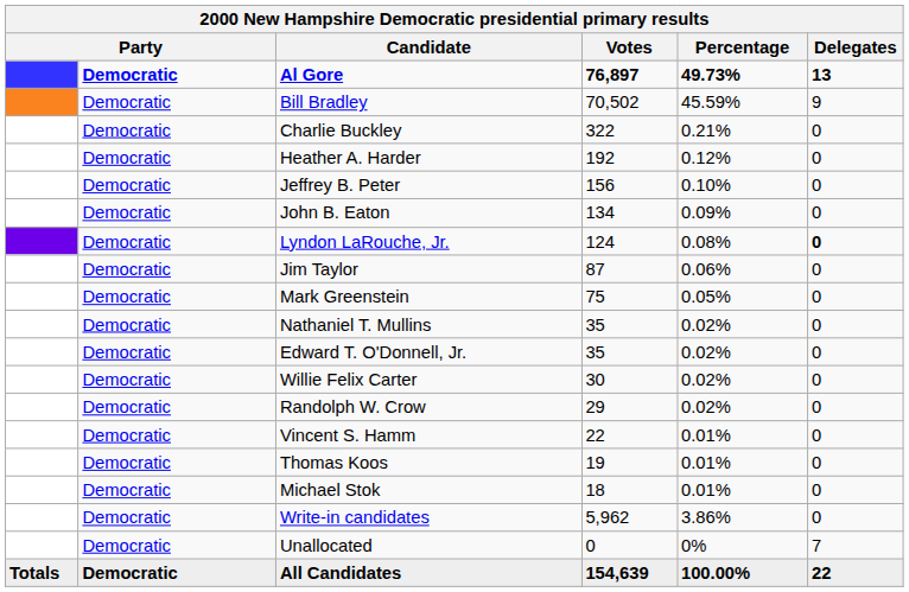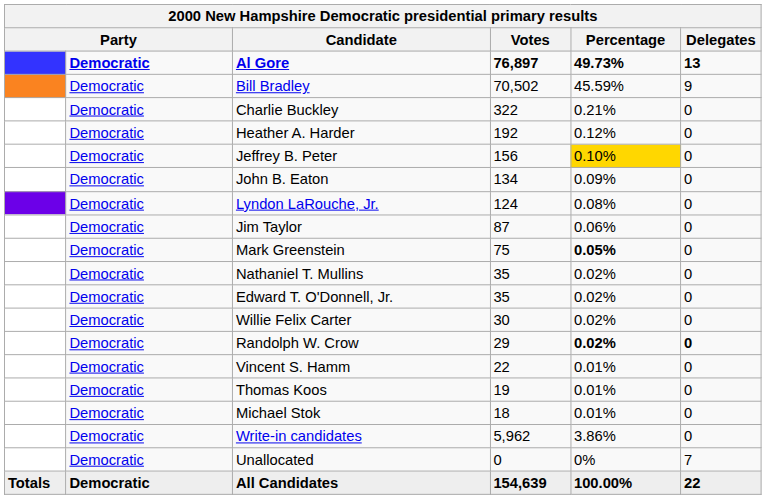 <table class="wikitable" style="font-size:95%;">
 <tr>
 <th colspan="7">2000 New Hampshire Democratic presidential primary results</th>
 </tr>
 <tr>
 <th colspan="2" style="width: 15em">Party</th>
 <th style="width: 17em">Candidate</th>
 <th style="width: 5em">Votes</th>
 <th style="width: 7em">Percentage</th>
 <th style="width: 5em">Delegates</th>
 </tr>
 <tr>
 <th style="background-color:#3333FF; width: 3px"></th>
 <td style="width: 130px"><strong><a href='#'>Democratic</a></strong></td>
 <td align="left"><strong><a href='#'>Al Gore</a></strong></td>
 <td><strong>76,897</strong></td>
 <td><strong>49.73%</strong></td>
 <td><strong>13</strong></td>
 </tr>
 <tr>
 <th style="background-color:#FA8320; width: 3px"></th>
 <td style="width: 130px"><a href='#'>Democratic</a></td>
 <td><a href='#'>Bill Bradley</a></td>
 <td align="left">70,502</td>
 <td align="left">45.59%</td>
 <td align="left">9</td>
 </tr>
 <tr>
 <th style="background-color:#ffffff; width: 3px"></th>
 <td style="width: 130px"><a href='#'>Democratic</a></td>
 <td align="left">Charlie Buckley</td>
 <td>322</td>
 <td>0.21%</td>
 <td>0</td>
 </tr>
 <tr>
 <th style="background-color:#ffffff; width: 3px"></th>
 <td style="width: 130px"><a href='#'>Democratic</a></td>
 <td align="left">Heather A. Harder</td>
 <td>192</td>
 <td>0.12%</td>
 <td>0</td>
 </tr>
 <tr>
 <th style="background-color:#ffffff; width: 3px"></th>
 <td style="width: 130px"><a href='#'>Democratic</a></td>
 <td align="left">Jeffrey B. Peter</td>
 <td>156</td>
-<td>0.10%</td>
+<td style="background: gold;">0.10%</td>
 <td>0</td>
 </tr>
 <tr>
 <th style="background-color:#ffffff; width: 3px"></th>
 <td style="width: 130px"><a href='#'>Democratic</a></td>
 <td align="left">John B. Eaton</td>
 <td>134</td>
 <td>0.09%</td>
 <td>0</td>
 </tr>
 <tr>
 <th style="background-color:#6c00e8; width: 3px"></th>
 <td style="width: 130px"><a href='#'>Democratic</a></td>
 <td align="left"><a href='#'>Lyndon LaRouche, Jr.</a></td>
 <td>124</td>
 <td>0.08%</td>
-<td><strong>0</strong></td>
+<td>0</td>
 </tr>
 <tr>
 <th style="background-color:#ffffff; width: 3px"></th>
 <td style="width: 130px"><a href='#'>Democratic</a></td>
 <td align="left">Jim Taylor</td>
 <td>87</td>
 <td>0.06%</td>
 <td>0</td>
 </tr>
 <tr>
 <th style="background-color:#ffffff; width: 3px"></th>
 <td style="width: 130px"><a href='#'>Democratic</a></td>
 <td align="left">Mark Greenstein</td>
 <td>75</td>
-<td>0.05%</td>
+<td><strong>0.05%</strong></td>
 <td>0</td>
 </tr>
 <tr>
 <th style="background-color:#ffffff; width: 3px"></th>
 <td style="width: 130px"><a href='#'>Democratic</a></td>
 <td align="left">Nathaniel T. Mullins</td>
 <td>35</td>
 <td>0.02%</td>
 <td>0</td>
 </tr>
 <tr>
 <th style="background-color:#ffffff; width: 3px"></th>
 <td style="width: 130px"><a href='#'>Democratic</a></td>
 <td align="left">Edward T. O'Donnell, Jr.</td>
 <td>35</td>
 <td>0.02%</td>
 <td>0</td>
 </tr>
 <tr>
 <th style="background-color:#ffffff; width: 3px"></th>
 <td style="width: 130px"><a href='#'>Democratic</a></td>
 <td align="left">Willie Felix Carter</td>
 <td>30</td>
 <td>0.02%</td>
 <td>0</td>
 </tr>
 <tr>
 <th style="background-color:#ffffff; width: 3px"></th>
 <td style="width: 130px"><a href='#'>Democratic</a></td>
 <td align="left">Randolph W. Crow</td>
 <td>29</td>
-<td>0.02%</td>
-<td>0</td>
+<td><strong>0.02%</strong></td>
+<td><strong>0</strong></td>
 </tr>
 <tr>
 <th style="background-color:#ffffff; width: 3px"></th>
 <td style="width: 130px"><a href='#'>Democratic</a></td>
 <td align="left">Vincent S. Hamm</td>
 <td>22</td>
 <td>0.01%</td>
 <td>0</td>
 </tr>
 <tr>
 <th style="background-color:#ffffff; width: 3px"></th>
 <td style="width: 130px"><a href='#'>Democratic</a></td>
 <td align="left">Thomas Koos</td>
 <td>19</td>
 <td>0.01%</td>
 <td>0</td>
 </tr>
 <tr>
 <th style="background-color:#ffffff; width: 3px"></th>
 <td style="width: 130px"><a href='#'>Democratic</a></td>
 <td align="left">Michael Stok</td>
 <td>18</td>
 <td>0.01%</td>
 <td>0</td>
 </tr>
 <tr>
 <th style="background-color:#ffffff; width: 3px"></th>
 <td style="width: 130px"><a href='#'>Democratic</a></td>
 <td align="left"><a href='#'>Write-in candidates</a></td>
 <td>5,962</td>
 <td>3.86%</td>
 <td>0</td>
 </tr>
 <tr>
 <th style="background-color:#ffffff; width: 3px"></th>
 <td style="width: 130px"><a href='#'>Democratic</a></td>
 <td align="left">Unallocated</td>
 <td>0</td>
 <td>0%</td>
 <td>7</td>
 </tr>
 <tr bgcolor="#EEEEEE" style="margin-right:0.5em">
 <td><strong>Totals</strong></td>
 <td><strong>Democratic</strong></td>
 <td><strong>All Candidates</strong></td>
 <td><strong>154,639</strong></td>
 <td><strong>100.00%</strong></td>
 <td><strong>22</strong></td>
 </tr>
 </table>
